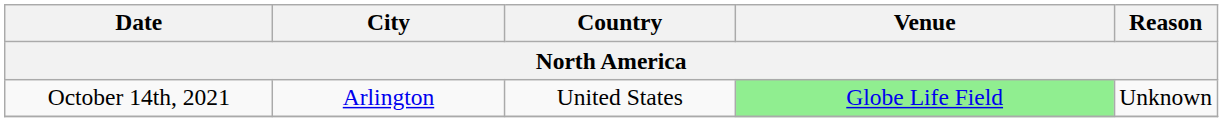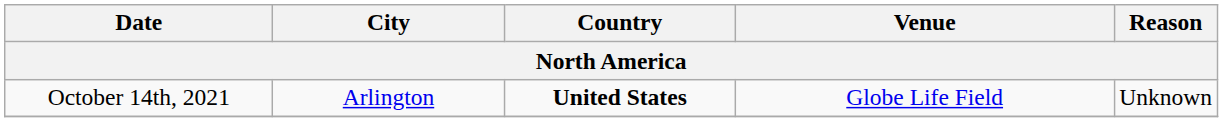 <table class="wikitable" style="text-align:center;">
 <tr>
 <th style="width:175px;">Date</th>
 <th style="width:150px;">City</th>
 <th style="width:150px;">Country</th>
 <th style="width:250px;">Venue</th>
 <th>Reason</th>
 </tr>
 <tr>
 <th colspan="6">North America</th>
 </tr>
 <tr>
 <td>October 14th, 2021</td>
 <td><a href='#'>Arlington</a></td>
-<td>United States</td>
-<td style="background: lightgreen;"><a href='#'>Globe Life Field</a></td>
+<td><strong>United States</strong></td>
+<td><a href='#'>Globe Life Field</a></td>
 <td>Unknown</td>
 </tr>
 <tr>
 </tr>
 </table>
